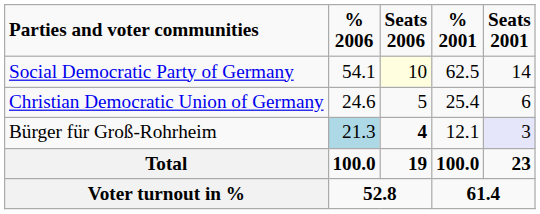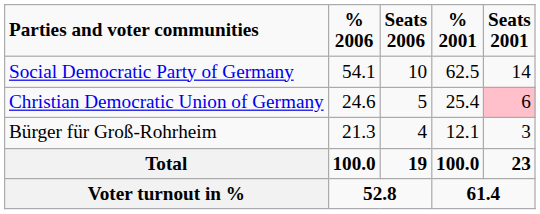 <table class="wikitable">
 <tr class="hintergrundfarbe5">
 <td colspan="1"><strong>Parties and voter communities</strong></td>
 <td align="center"><strong>%<br>2006</strong></td>
 <td align="center"><strong>Seats<br>2006</strong></td>
 <td align="center"><strong>%<br>2001</strong></td>
 <td align="center"><strong>Seats<br>2001</strong></td>
 </tr>
 <tr>
 <td><a href='#'>Social Democratic Party of Germany</a></td>
 <td align="right">54.1</td>
-<td align="right" style="background: lightyellow;">10</td>
+<td align="right">10</td>
 <td align="right">62.5</td>
 <td align="right">14</td>
 </tr>
 <tr>
 <td><a href='#'>Christian Democratic Union of Germany</a></td>
 <td align="right">24.6</td>
 <td align="right">5</td>
 <td align="right">25.4</td>
-<td align="right">6</td>
+<td align="right" style="background: pink;">6</td>
 </tr>
 <tr>
 <td>Bürger für Groß-Rohrheim</td>
-<td align="right" style="background: lightblue;">21.3</td>
-<td align="right"><strong>4</strong></td>
+<td align="right">21.3</td>
+<td align="right">4</td>
 <td align="right">12.1</td>
-<td align="right" style="background: lavender;">3</td>
+<td align="right">3</td>
 </tr>
 <tr class="hintergrundfarbe5">
 <th>Total</th>
 <td align="right"><strong>100.0</strong></td>
 <td align="right"><strong>19</strong></td>
 <td align="right"><strong>100.0</strong></td>
 <td align="right"><strong>23</strong></td>
 </tr>
 <tr class="hintergrundfarbe5">
 <th>Voter turnout in %</th>
 <td colspan="2" align="center"><strong>52.8</strong></td>
 <td colspan="2" align="center"><strong>61.4</strong></td>
 </tr>
 </table>
